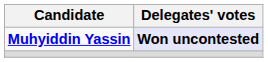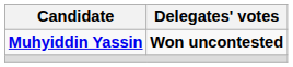 <table class="wikitable" style="text-align:center">
 <tr>
 <th>Candidate</th>
 <th>Delegates' votes</th>
 </tr>
 <tr>
 <td align="left"><strong><a href='#'>Muhyiddin Yassin</a></strong></td>
-<td colspan="1" style="background: lavender;"><strong>Won uncontested</strong></td>
+<td colspan="1"><strong>Won uncontested</strong></td>
 </tr>
 <tr>
 <td colspan="3" bgcolor="dcdcdc"></td>
 </tr>
 </table>
